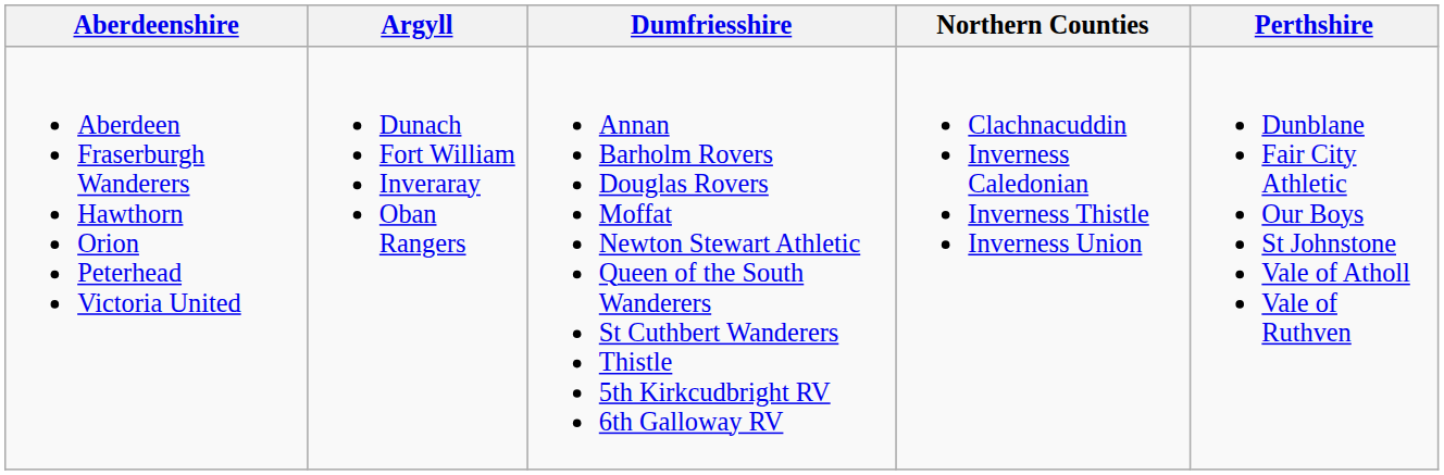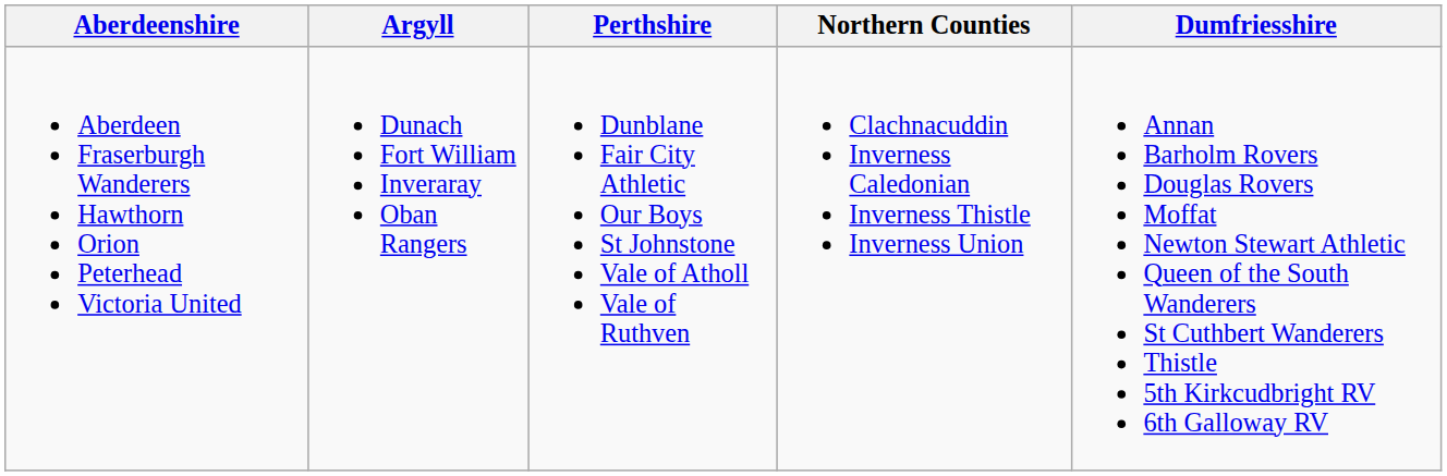 <table class="wikitable" style="text-align:left">
 <tr>
 <th scope="col"><a href='#'>Aberdeenshire</a></th>
 <th scope="col"><a href='#'>Argyll</a></th>
+<th scope="col"><a href='#'>Perthshire</a></th>
+<th scope="col">Northern Counties</th>
 <th scope="col"><a href='#'>Dumfriesshire</a></th>
-<th scope="col">Northern Counties</th>
-<th scope="col"><a href='#'>Perthshire</a></th>
 </tr>
 <tr>
 <td valign=top><br><ul><li><a href='#'>Aberdeen</a></li><li><a href='#'>Fraserburgh Wanderers</a></li><li><a href='#'>Hawthorn</a></li><li><a href='#'>Orion</a></li><li><a href='#'>Peterhead</a></li><li><a href='#'>Victoria United</a></li></ul></td>
 <td valign=top><br><ul><li><a href='#'>Dunach</a></li><li><a href='#'>Fort William</a></li><li><a href='#'>Inveraray</a></li><li><a href='#'>Oban Rangers</a></li></ul></td>
+<td valign=top><br><ul><li><a href='#'>Dunblane</a></li><li><a href='#'>Fair City Athletic</a></li><li><a href='#'>Our Boys</a></li><li><a href='#'>St Johnstone</a></li><li><a href='#'>Vale of Atholl</a></li><li><a href='#'>Vale of Ruthven</a></li></ul></td>
+<td valign=top><br><ul><li><a href='#'>Clachnacuddin</a></li><li><a href='#'>Inverness Caledonian</a></li><li><a href='#'>Inverness Thistle</a></li><li><a href='#'>Inverness Union</a></li></ul></td>
 <td valign=top><br><ul><li><a href='#'>Annan</a></li><li><a href='#'>Barholm Rovers</a></li><li><a href='#'>Douglas Rovers</a></li><li><a href='#'>Moffat</a></li><li><a href='#'>Newton Stewart Athletic</a></li><li><a href='#'>Queen of the South Wanderers</a></li><li><a href='#'>St Cuthbert Wanderers</a></li><li><a href='#'>Thistle</a></li><li><a href='#'>5th Kirkcudbright RV</a></li><li><a href='#'>6th Galloway RV</a></li></ul></td>
-<td valign=top><br><ul><li><a href='#'>Clachnacuddin</a></li><li><a href='#'>Inverness Caledonian</a></li><li><a href='#'>Inverness Thistle</a></li><li><a href='#'>Inverness Union</a></li></ul></td>
-<td valign=top><br><ul><li><a href='#'>Dunblane</a></li><li><a href='#'>Fair City Athletic</a></li><li><a href='#'>Our Boys</a></li><li><a href='#'>St Johnstone</a></li><li><a href='#'>Vale of Atholl</a></li><li><a href='#'>Vale of Ruthven</a></li></ul></td>
 </tr>
 </table>
